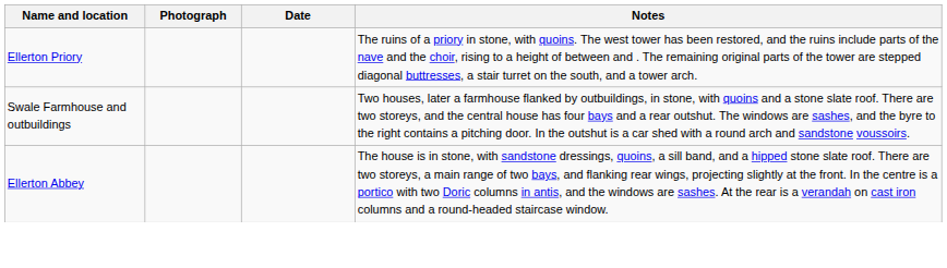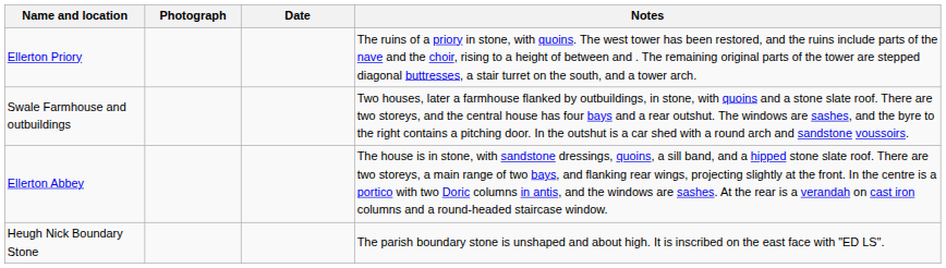 <table class="wikitable sortable plainrowheaders" style="width:100%;border:0px;text-align:left;line-height:150%;">
 <tr>
 <th scope="col"  style="width:150px">Name and location</th>
 <th scope="col"  style="width:100px" class="unsortable">Photograph</th>
 <th scope="col"  style="width:120px">Date</th>
 <th scope="col"  style="width:650px" class ="unsortable">Notes</th>
 </tr>
 <tr>
 <td><a href='#'>Ellerton Priory</a><br><small></small></td>
 <td></td>
 <td align="center"></td>
 <td>The ruins of a <a href='#'>priory</a> in stone, with <a href='#'>quoins</a>.  The west tower has been restored, and the ruins include parts of the <a href='#'>nave</a> and the <a href='#'>choir</a>, rising to a height of between  and .  The remaining original parts of the tower are stepped diagonal <a href='#'>buttresses</a>, a stair turret on the south, and a tower arch.</td>
 </tr>
 <tr>
 <td>Swale Farmhouse and outbuildings<br><small></small></td>
 <td></td>
 <td align="center"></td>
 <td>Two houses, later a farmhouse flanked by outbuildings, in stone, with <a href='#'>quoins</a> and a stone slate roof.  There are two storeys, and the central house has four <a href='#'>bays</a> and a rear outshut. The windows are <a href='#'>sashes</a>, and the byre to the right contains a pitching door.  In the outshut is a car shed with a round arch and <a href='#'>sandstone</a> <a href='#'>voussoirs</a>.</td>
 </tr>
 <tr>
 <td><a href='#'>Ellerton Abbey</a><br><small></small></td>
 <td></td>
 <td align="center"></td>
 <td>The house is in stone, with <a href='#'>sandstone</a> dressings, <a href='#'>quoins</a>, a sill band, and a <a href='#'>hipped</a> stone slate roof.  There are two storeys, a main range of two <a href='#'>bays</a>, and flanking rear wings, projecting slightly at the front.  In the centre is a <a href='#'>portico</a> with two <a href='#'>Doric</a> columns <a href='#'>in antis</a>, and the windows are <a href='#'>sashes</a>.  At the rear is a <a href='#'>verandah</a> on <a href='#'>cast iron</a> columns and a round-headed staircase window.</td>
 </tr>
 <tr>
+<td>Heugh Nick Boundary Stone<br><small></small></td>
+<td></td>
+<td align="center"></td>
+<td>The parish boundary stone is unshaped and about  high.  It is inscribed on the east face with "ED LS".</td>
+</tr>
+<tr>
 </tr>
 </table>
